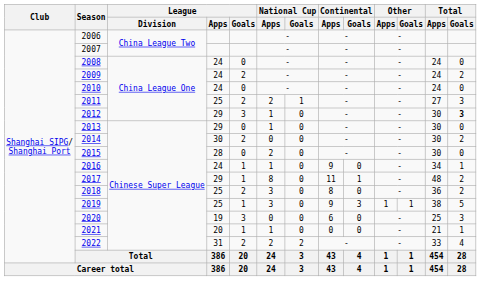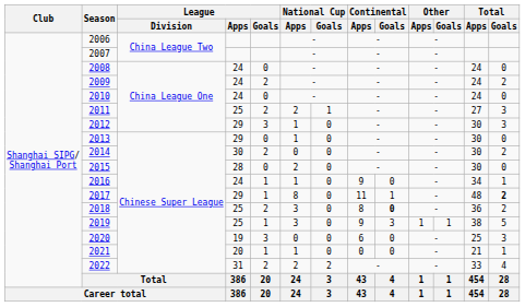 <table class="wikitable" style="text-align: center">
 <tr>
 <th rowspan="2">Club</th>
 <th rowspan="2">Season</th>
 <th colspan="3">League</th>
 <th colspan="2">National Cup</th>
 <th colspan="2">Continental</th>
 <th colspan="2">Other</th>
 <th colspan="2">Total</th>
 </tr>
 <tr>
 <th>Division</th>
 <th>Apps</th>
 <th>Goals</th>
 <th>Apps</th>
 <th>Goals</th>
 <th>Apps</th>
 <th>Goals</th>
 <th>Apps</th>
 <th>Goals</th>
 <th>Apps</th>
 <th>Goals</th>
 </tr>
 <tr>
 <td rowspan=18><a href='#'>Shanghai SIPG</a>/<br><a href='#'>Shanghai Port</a></td>
 <td>2006</td>
 <td rowspan="2"><a href='#'>China League Two</a></td>
 <td></td>
 <td></td>
 <td colspan="2">-</td>
 <td colspan="2">-</td>
 <td colspan="2">-</td>
 <td></td>
 <td></td>
 </tr>
 <tr>
 <td>2007</td>
 <td></td>
 <td></td>
 <td colspan="2">-</td>
 <td colspan="2">-</td>
 <td colspan="2">-</td>
 <td></td>
 <td></td>
 </tr>
 <tr>
 <td><a href='#'>2008</a></td>
 <td rowspan="5"><a href='#'>China League One</a></td>
 <td>24</td>
 <td>0</td>
 <td colspan="2">-</td>
 <td colspan="2">-</td>
 <td colspan="2">-</td>
 <td>24</td>
 <td>0</td>
 </tr>
 <tr>
 <td><a href='#'>2009</a></td>
 <td>24</td>
 <td>2</td>
 <td colspan="2">-</td>
 <td colspan="2">-</td>
 <td colspan="2">-</td>
 <td>24</td>
 <td>2</td>
 </tr>
 <tr>
 <td><a href='#'>2010</a></td>
 <td>24</td>
 <td>0</td>
 <td colspan="2">-</td>
 <td colspan="2">-</td>
 <td colspan="2">-</td>
 <td>24</td>
 <td>0</td>
 </tr>
 <tr>
 <td><a href='#'>2011</a></td>
 <td>25</td>
 <td>2</td>
 <td>2</td>
 <td>1</td>
 <td colspan="2">-</td>
 <td colspan="2">-</td>
 <td>27</td>
 <td>3</td>
 </tr>
 <tr>
 <td><a href='#'>2012</a></td>
 <td>29</td>
 <td>3</td>
 <td>1</td>
 <td>0</td>
 <td colspan="2">-</td>
 <td colspan="2">-</td>
 <td>30</td>
-<td><strong>3</strong></td>
+<td>3</td>
 </tr>
 <tr>
 <td><a href='#'>2013</a></td>
 <td rowspan=10><a href='#'>Chinese Super League</a></td>
 <td>29</td>
 <td>0</td>
 <td>1</td>
 <td>0</td>
 <td colspan="2">-</td>
 <td colspan="2">-</td>
 <td>30</td>
 <td>0</td>
 </tr>
 <tr>
 <td><a href='#'>2014</a></td>
 <td>30</td>
 <td>2</td>
 <td>0</td>
 <td>0</td>
 <td colspan="2">-</td>
 <td colspan="2">-</td>
 <td>30</td>
 <td>2</td>
 </tr>
 <tr>
 <td><a href='#'>2015</a></td>
 <td>28</td>
 <td>0</td>
 <td>2</td>
 <td>0</td>
 <td colspan="2">-</td>
 <td colspan="2">-</td>
 <td>30</td>
 <td>0</td>
 </tr>
 <tr>
 <td><a href='#'>2016</a></td>
 <td>24</td>
 <td>1</td>
 <td>1</td>
 <td>0</td>
 <td>9</td>
 <td>0</td>
 <td colspan="2">-</td>
 <td>34</td>
 <td>1</td>
 </tr>
 <tr>
 <td><a href='#'>2017</a></td>
 <td>29</td>
 <td>1</td>
 <td>8</td>
 <td>0</td>
 <td>11</td>
 <td>1</td>
 <td colspan="2">-</td>
 <td>48</td>
-<td>2</td>
+<td><strong>2</strong></td>
 </tr>
 <tr>
 <td><a href='#'>2018</a></td>
 <td>25</td>
 <td>2</td>
 <td>3</td>
 <td>0</td>
 <td>8</td>
-<td>0</td>
+<td><strong>0</strong></td>
 <td colspan="2">-</td>
 <td>36</td>
 <td>2</td>
 </tr>
 <tr>
 <td><a href='#'>2019</a></td>
 <td>25</td>
 <td>1</td>
 <td>3</td>
 <td>0</td>
 <td>9</td>
 <td>3</td>
 <td>1</td>
 <td>1</td>
 <td>38</td>
 <td>5</td>
 </tr>
 <tr>
 <td><a href='#'>2020</a></td>
 <td>19</td>
 <td>3</td>
 <td>0</td>
 <td>0</td>
 <td>6</td>
 <td>0</td>
 <td colspan="2">-</td>
 <td>25</td>
 <td>3</td>
 </tr>
 <tr>
 <td><a href='#'>2021</a></td>
 <td>20</td>
 <td>1</td>
 <td>1</td>
 <td>0</td>
 <td>0</td>
 <td>0</td>
 <td colspan="2">-</td>
 <td>21</td>
 <td>1</td>
 </tr>
 <tr>
 <td><a href='#'>2022</a></td>
 <td>31</td>
 <td>2</td>
 <td>2</td>
 <td>2</td>
 <td colspan="2">-</td>
 <td colspan="2">-</td>
 <td>33</td>
 <td>4</td>
 </tr>
 <tr>
 <th colspan="2"><strong>Total</strong></th>
 <th>386</th>
 <th>20</th>
 <th>24</th>
 <th>3</th>
 <th>43</th>
 <th>4</th>
 <th>1</th>
 <th>1</th>
 <th>454</th>
 <th>28</th>
 </tr>
 <tr>
 <th colspan=3>Career total</th>
 <th>386</th>
 <th>20</th>
 <th>24</th>
 <th>3</th>
 <th>43</th>
 <th>4</th>
 <th>1</th>
 <th>1</th>
 <th>454</th>
 <th>28</th>
 </tr>
 </table>
